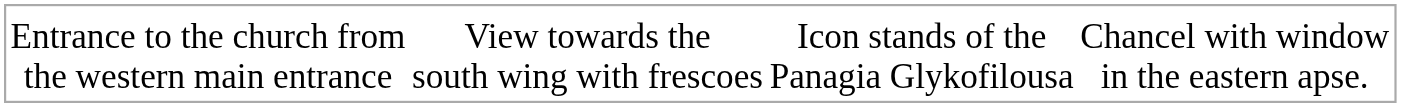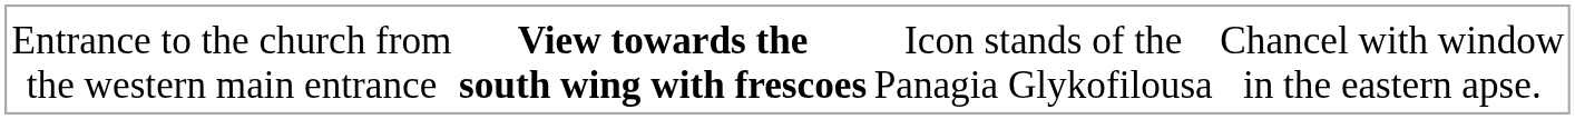 <table cellspacing="1" cellpadding="1" style="border: 1px solid #aaaaaa;" class="centered">
 <tr>
 <td></td>
 <td></td>
 <td></td>
 <td></td>
 </tr>
 <tr class=>
 <td align="center">Entrance to the church from<br>the western main entrance</td>
-<td align="center">View towards the<br>south wing with frescoes</td>
+<td align="center"><strong>View towards the<br>south wing with frescoes</strong></td>
 <td align="center">Icon stands of the<br>Panagia Glykofilousa</td>
 <td align="center">Chancel with window<br>in the eastern apse.</td>
 </tr>
 </table>
